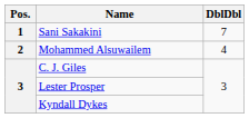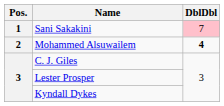 <table class=wikitable style="text-align:center;">
 <tr>
 <th width="13%">Pos.</th>
 <th width="70%">Name</th>
 <th width="17%">DblDbl</th>
 </tr>
 <tr>
 <th>1</th>
 <td align=left> <a href='#'>Sani Sakakini</a></td>
-<td>7</td>
+<td style="background: pink;">7</td>
 </tr>
 <tr>
 <th>2</th>
 <td align=left> <a href='#'>Mohammed Alsuwailem</a></td>
-<td>4</td>
+<td><strong>4</strong></td>
 </tr>
 <tr>
 <th rowspan=3>3</th>
 <td align=left> <a href='#'>C. J. Giles</a></td>
 <td rowspan=3>3</td>
 </tr>
 <tr>
 <td align=left> <a href='#'>Lester Prosper</a></td>
 </tr>
 <tr>
 <td align=left> <a href='#'>Kyndall Dykes</a></td>
 </tr>
 </table>
